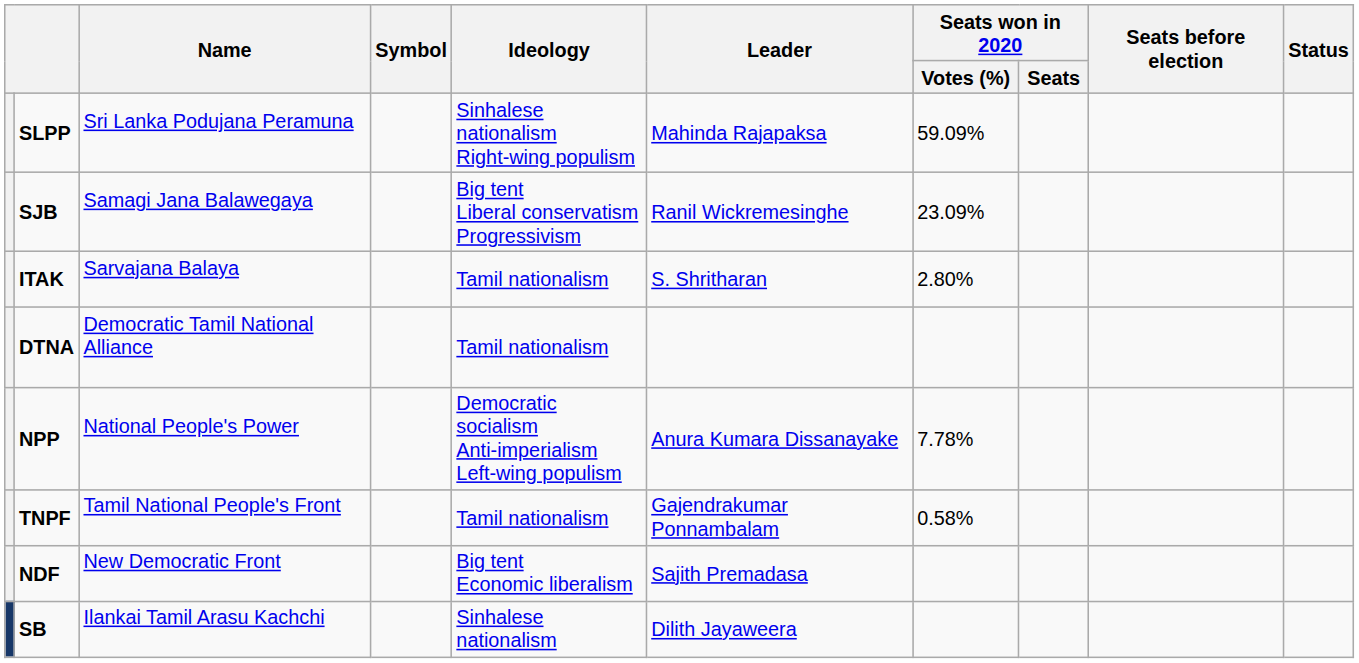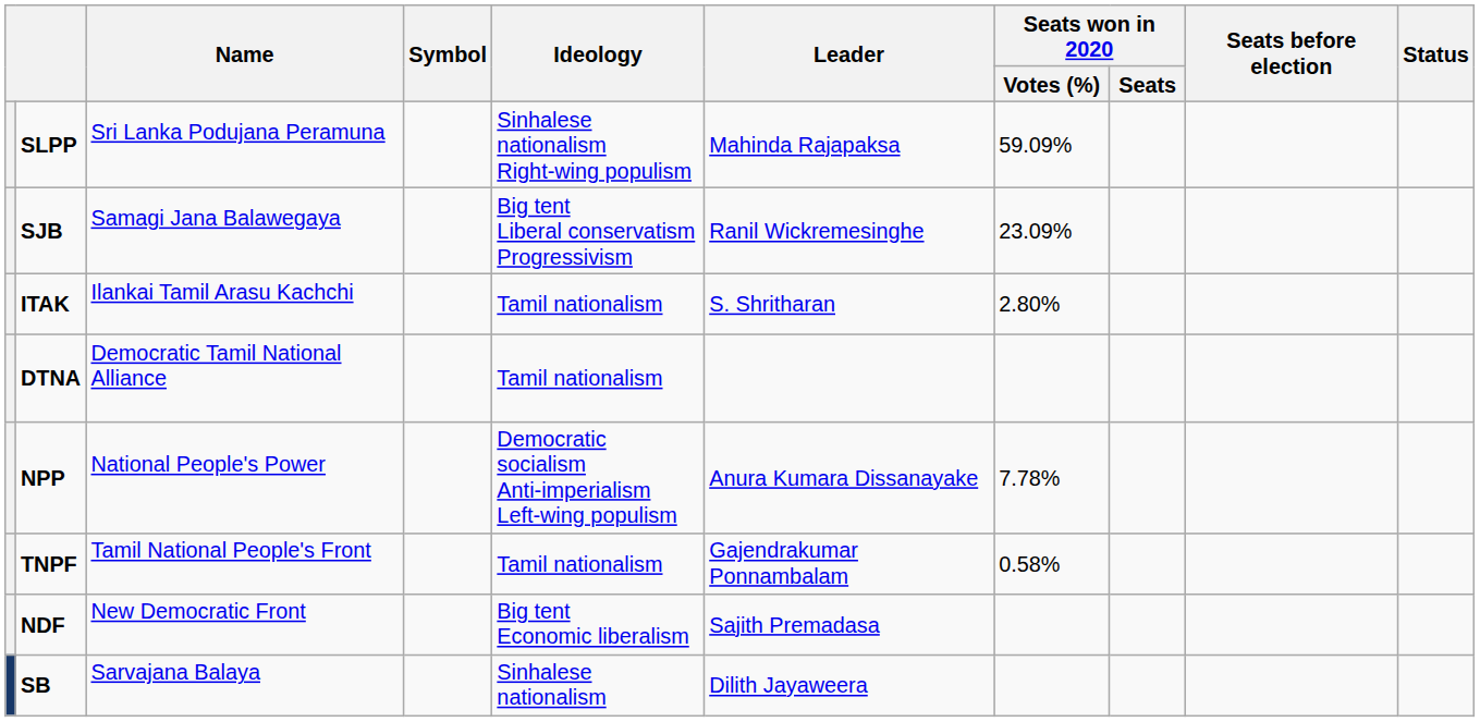 <table class="wikitable" style="font-size:80%">
 <tr>
 <th rowspan="2" colspan="2"></th>
 <th rowspan="2">Name</th>
 <th rowspan="2">Symbol</th>
 <th rowspan="2">Ideology</th>
 <th rowspan="2">Leader</th>
 <th colspan="2">Seats won in <a href='#'>2020</a></th>
 <th rowspan="2">Seats before election</th>
 <th rowspan="2">Status</th>
 </tr>
 <tr>
 <th>Votes (%)</th>
 <th>Seats</th>
 </tr>
 <tr>
 <th style="background:"></th>
 <td><strong>SLPP</strong></td>
 <td><a href='#'>Sri Lanka Podujana Peramuna</a> <br>  <br> </td>
 <td></td>
 <td><a href='#'>Sinhalese nationalism</a><br><a href='#'>Right-wing populism</a></td>
 <td><a href='#'>Mahinda Rajapaksa</a></td>
 <td>59.09%</td>
 <td> </td>
 <td></td>
 <td></td>
 </tr>
 <tr>
 <th style="background:"></th>
 <td><strong>SJB</strong></td>
 <td><a href='#'>Samagi Jana Balawegaya</a> <br>  <br> </td>
 <td></td>
 <td><a href='#'>Big tent</a> <br> <a href='#'>Liberal conservatism</a> <br> <a href='#'>Progressivism</a></td>
 <td><a href='#'>Ranil Wickremesinghe</a></td>
 <td>23.09%</td>
 <td></td>
 <td></td>
 <td></td>
 </tr>
 <tr>
 <th style="background:"></th>
 <td><strong>ITAK</strong></td>
-<td><a href='#'>Sarvajana Balaya</a> <br>  <br> </td>
+<td><a href='#'>Ilankai Tamil Arasu Kachchi</a> <br>  <br> </td>
 <td></td>
 <td><a href='#'>Tamil nationalism</a></td>
 <td><a href='#'>S. Shritharan</a></td>
 <td>2.80%</td>
 <td></td>
 <td></td>
 <td></td>
 </tr>
 <tr>
 <th style="background:"></th>
 <td><strong>DTNA</strong></td>
 <td><a href='#'>Democratic Tamil National Alliance</a> <br>  <br> </td>
 <td></td>
 <td><a href='#'>Tamil nationalism</a></td>
 <td></td>
 <td></td>
 <td></td>
 <td></td>
 <td></td>
 </tr>
 <tr>
 <th style="background:"></th>
 <td><strong>NPP</strong></td>
 <td><a href='#'>National People's Power</a> <br>  <br> </td>
 <td></td>
 <td><a href='#'>Democratic socialism</a> <br> <a href='#'>Anti-imperialism</a> <br> <a href='#'>Left-wing populism</a></td>
 <td><a href='#'>Anura Kumara Dissanayake</a></td>
 <td>7.78%</td>
 <td></td>
 <td></td>
 <td></td>
 </tr>
 <tr>
 <th style="background:"></th>
 <td><strong>TNPF</strong></td>
 <td><a href='#'>Tamil National People's Front</a> <br>  <br> </td>
 <td></td>
 <td><a href='#'>Tamil nationalism</a></td>
 <td><a href='#'>Gajendrakumar Ponnambalam</a></td>
 <td>0.58%</td>
 <td></td>
 <td></td>
 <td></td>
 </tr>
 <tr>
 <th style="background:"></th>
 <td><strong>NDF</strong></td>
 <td><a href='#'>New Democratic Front</a> <br>  <br> </td>
 <td></td>
 <td><a href='#'>Big tent</a><br><a href='#'>Economic liberalism</a></td>
 <td><a href='#'>Sajith Premadasa</a></td>
 <td></td>
 <td></td>
 <td></td>
 <td></td>
 </tr>
 <tr>
 <th style="background:#173768;"></th>
 <td><strong>SB</strong></td>
-<td><a href='#'>Ilankai Tamil Arasu Kachchi</a> <br>  <br> </td>
+<td><a href='#'>Sarvajana Balaya</a> <br>  <br> </td>
 <td></td>
 <td><a href='#'>Sinhalese nationalism</a></td>
 <td><a href='#'>Dilith Jayaweera</a></td>
 <td></td>
 <td></td>
 <td></td>
 <td></td>
 </tr>
 </table>
